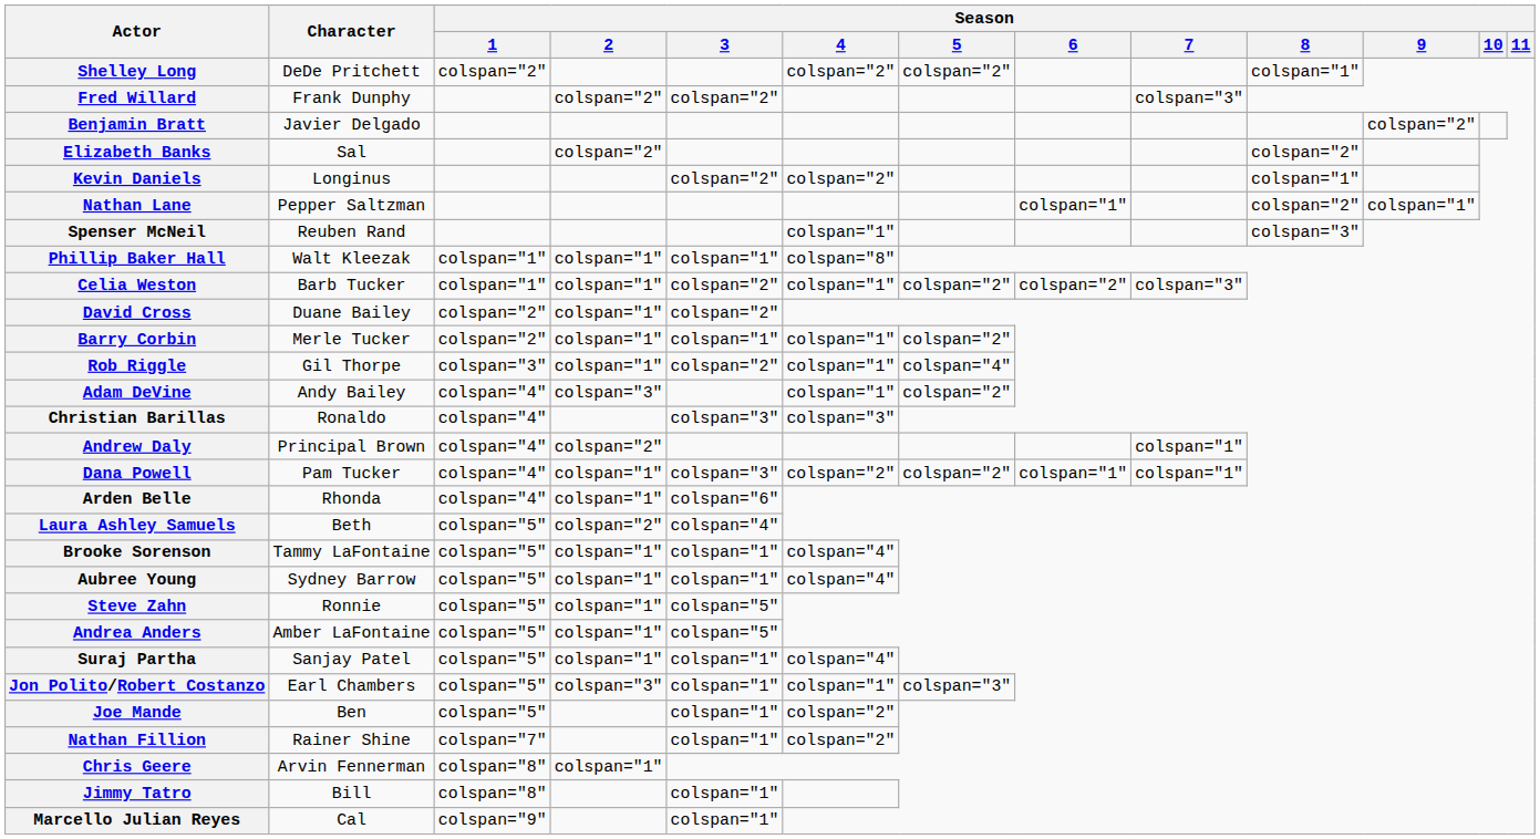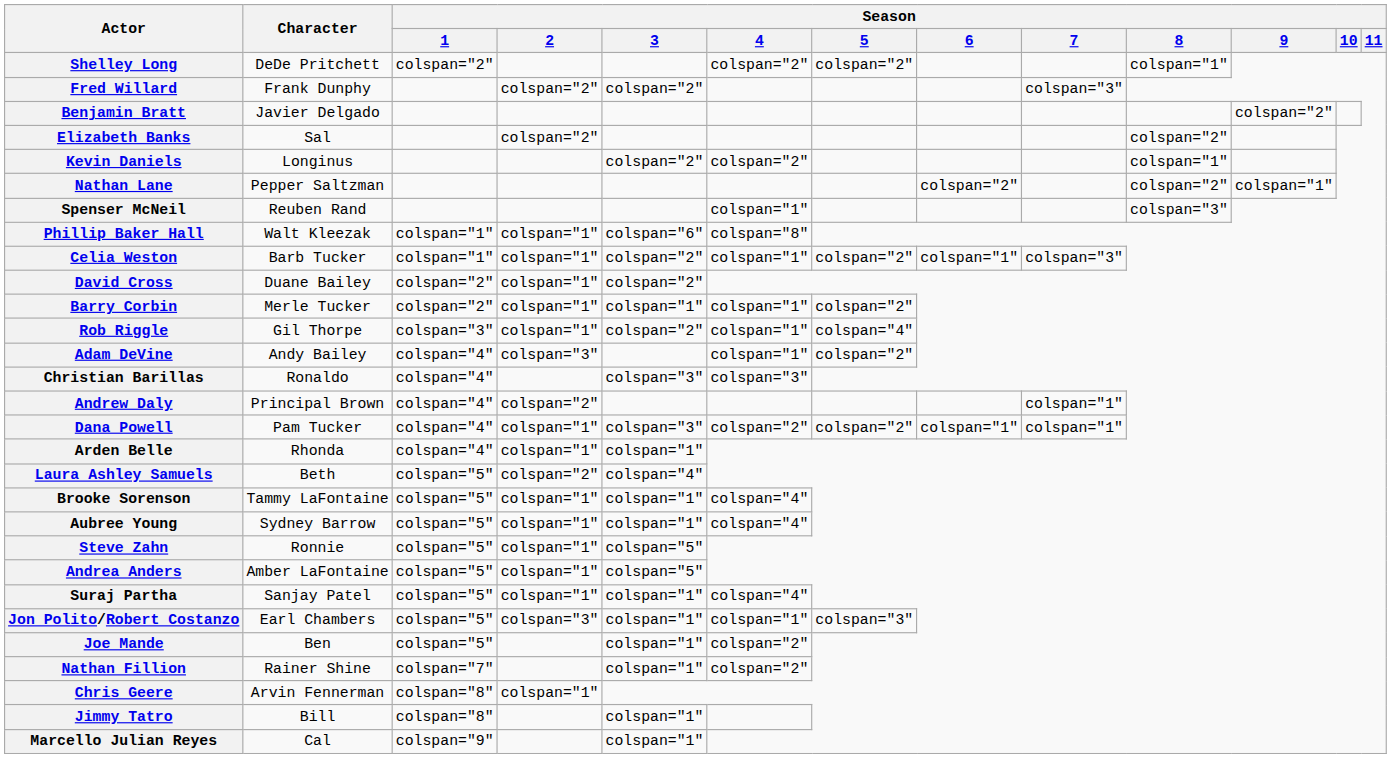 <table class="wikitable plainrowheaders" style="text-align:center;">
 <tr>
 <th scope="col" rowspan="2">Actor</th>
 <th scope="col" rowspan="2">Character</th>
 <th scope="col" colspan="11">Season</th>
 </tr>
 <tr>
 <th scope="col"><a href='#'>1</a></th>
 <th scope="col"><a href='#'>2</a></th>
 <th scope="col"><a href='#'>3</a></th>
 <th scope="col"><a href='#'>4</a></th>
 <th scope="col"><a href='#'>5</a></th>
 <th scope="col"><a href='#'>6</a></th>
 <th scope="col"><a href='#'>7</a></th>
 <th scope="col"><a href='#'>8</a></th>
 <th scope="col"><a href='#'>9</a></th>
 <th scope="col"><a href='#'>10</a></th>
 <th scope="col"><a href='#'>11</a></th>
 </tr>
 <tr>
 <th scope="row"><a href='#'>Shelley Long</a></th>
 <td>DeDe Pritchett</td>
 <td>colspan="2" </td>
 <td></td>
 <td></td>
 <td>colspan="2" </td>
 <td>colspan="2" </td>
 <td></td>
 <td></td>
 <td>colspan="1" </td>
 </tr>
 <tr>
 <th scope="row"><a href='#'>Fred Willard</a></th>
 <td>Frank Dunphy</td>
 <td></td>
 <td>colspan="2" </td>
 <td>colspan="2" </td>
 <td></td>
 <td></td>
 <td></td>
 <td>colspan="3" </td>
 </tr>
 <tr>
 <th scope="row"><a href='#'>Benjamin Bratt</a></th>
 <td>Javier Delgado</td>
 <td></td>
 <td></td>
 <td></td>
 <td></td>
 <td></td>
 <td></td>
 <td></td>
 <td></td>
 <td>colspan="2" </td>
 <td></td>
 </tr>
 <tr>
 <th scope="row"><a href='#'>Elizabeth Banks</a></th>
 <td>Sal</td>
 <td></td>
 <td>colspan="2" </td>
 <td></td>
 <td></td>
 <td></td>
 <td></td>
 <td></td>
 <td>colspan="2" </td>
 <td></td>
 </tr>
 <tr>
 <th scope="row"><a href='#'>Kevin Daniels</a></th>
 <td>Longinus</td>
 <td></td>
 <td></td>
 <td>colspan="2" </td>
 <td>colspan="2" </td>
 <td></td>
 <td></td>
 <td></td>
 <td>colspan="1" </td>
 <td></td>
 </tr>
 <tr>
 <th scope="row"><a href='#'>Nathan Lane</a></th>
 <td>Pepper Saltzman</td>
 <td></td>
 <td></td>
 <td></td>
 <td></td>
 <td></td>
-<td>colspan="1" </td>
+<td>colspan="2" </td>
 <td></td>
 <td>colspan="2" </td>
 <td>colspan="1" </td>
 </tr>
 <tr>
 <th scope="row">Spenser McNeil</th>
 <td>Reuben Rand</td>
 <td></td>
 <td></td>
 <td></td>
 <td>colspan="1" </td>
 <td></td>
 <td></td>
 <td></td>
 <td>colspan="3" </td>
 </tr>
 <tr>
 <th scope="row"><a href='#'>Phillip Baker Hall</a></th>
 <td>Walt Kleezak</td>
 <td>colspan="1" </td>
 <td>colspan="1" </td>
-<td>colspan="1" </td>
+<td>colspan="6" </td>
 <td>colspan="8" </td>
 </tr>
 <tr>
 <th scope="row"><a href='#'>Celia Weston</a></th>
 <td>Barb Tucker</td>
 <td>colspan="1" </td>
 <td>colspan="1" </td>
 <td>colspan="2" </td>
 <td>colspan="1" </td>
 <td>colspan="2" </td>
-<td>colspan="2" </td>
+<td>colspan="1" </td>
 <td>colspan="3" </td>
 </tr>
 <tr>
 <th scope="row"><a href='#'>David Cross</a></th>
 <td>Duane Bailey</td>
 <td>colspan="2" </td>
 <td>colspan="1" </td>
 <td>colspan="2" </td>
 </tr>
 <tr>
 <th scope="row"><a href='#'>Barry Corbin</a></th>
 <td>Merle Tucker</td>
 <td>colspan="2" </td>
 <td>colspan="1" </td>
 <td>colspan="1" </td>
 <td>colspan="1" </td>
 <td>colspan="2" </td>
 </tr>
 <tr>
 <th scope="row"><a href='#'>Rob Riggle</a></th>
 <td>Gil Thorpe</td>
 <td>colspan="3" </td>
 <td>colspan="1" </td>
 <td>colspan="2" </td>
 <td>colspan="1" </td>
 <td>colspan="4" </td>
 </tr>
 <tr>
 <th scope="row"><a href='#'>Adam DeVine</a></th>
 <td>Andy Bailey</td>
 <td>colspan="4" </td>
 <td>colspan="3" </td>
 <td></td>
 <td>colspan="1" </td>
 <td>colspan="2" </td>
 </tr>
 <tr>
 <th scope="row">Christian Barillas</th>
 <td>Ronaldo</td>
 <td>colspan="4" </td>
 <td></td>
 <td>colspan="3" </td>
 <td>colspan="3" </td>
 </tr>
 <tr>
 <th scope="row"><a href='#'>Andrew Daly</a></th>
 <td>Principal Brown</td>
 <td>colspan="4" </td>
 <td>colspan="2" </td>
 <td></td>
 <td></td>
 <td></td>
 <td></td>
 <td>colspan="1" </td>
 </tr>
 <tr>
 <th scope="row"><a href='#'>Dana Powell</a></th>
 <td>Pam Tucker</td>
 <td>colspan="4" </td>
 <td>colspan="1" </td>
 <td>colspan="3" </td>
 <td>colspan="2" </td>
 <td>colspan="2" </td>
 <td>colspan="1" </td>
 <td>colspan="1" </td>
 </tr>
 <tr>
 <th scope="row">Arden Belle</th>
 <td>Rhonda</td>
 <td>colspan="4" </td>
 <td>colspan="1" </td>
-<td>colspan="6" </td>
+<td>colspan="1" </td>
 </tr>
 <tr>
 <th scope="row"><a href='#'>Laura Ashley Samuels</a></th>
 <td>Beth</td>
 <td>colspan="5" </td>
 <td>colspan="2" </td>
 <td>colspan="4" </td>
 </tr>
 <tr>
 <th scope="row">Brooke Sorenson</th>
 <td>Tammy LaFontaine</td>
 <td>colspan="5" </td>
 <td>colspan="1" </td>
 <td>colspan="1" </td>
 <td>colspan="4" </td>
 </tr>
 <tr>
 <th scope="row">Aubree Young</th>
 <td>Sydney Barrow</td>
 <td>colspan="5" </td>
 <td>colspan="1" </td>
 <td>colspan="1" </td>
 <td>colspan="4" </td>
 </tr>
 <tr>
 <th scope="row"><a href='#'>Steve Zahn</a></th>
 <td>Ronnie</td>
 <td>colspan="5" </td>
 <td>colspan="1" </td>
 <td>colspan="5" </td>
 </tr>
 <tr>
 <th scope="row"><a href='#'>Andrea Anders</a></th>
 <td>Amber LaFontaine</td>
 <td>colspan="5" </td>
 <td>colspan="1" </td>
 <td>colspan="5" </td>
 </tr>
 <tr>
 <th scope="row">Suraj Partha</th>
 <td>Sanjay Patel</td>
 <td>colspan="5" </td>
 <td>colspan="1" </td>
 <td>colspan="1" </td>
 <td>colspan="4" </td>
 </tr>
 <tr>
 <th scope="row"><a href='#'>Jon Polito</a>/<a href='#'>Robert Costanzo</a></th>
 <td>Earl Chambers</td>
 <td>colspan="5" </td>
 <td>colspan="3" </td>
 <td>colspan="1" </td>
 <td>colspan="1" </td>
 <td>colspan="3" </td>
 </tr>
 <tr>
 <th scope="row"><a href='#'>Joe Mande</a></th>
 <td>Ben</td>
 <td>colspan="5" </td>
 <td></td>
 <td>colspan="1" </td>
 <td>colspan="2" </td>
 </tr>
 <tr>
 <th scope="row"><a href='#'>Nathan Fillion</a></th>
 <td>Rainer Shine</td>
 <td>colspan="7" </td>
 <td></td>
 <td>colspan="1" </td>
 <td>colspan="2" </td>
 </tr>
 <tr>
 <th scope="row"><a href='#'>Chris Geere</a></th>
 <td>Arvin Fennerman</td>
 <td>colspan="8" </td>
 <td>colspan="1" </td>
 </tr>
 <tr>
 <th scope="row"><a href='#'>Jimmy Tatro</a></th>
 <td>Bill</td>
 <td>colspan="8" </td>
 <td></td>
 <td>colspan="1" </td>
 <td></td>
 </tr>
 <tr>
 <th scope="row">Marcello Julian Reyes</th>
 <td>Cal</td>
 <td>colspan="9" </td>
 <td></td>
 <td>colspan="1" </td>
 </tr>
 </table>
